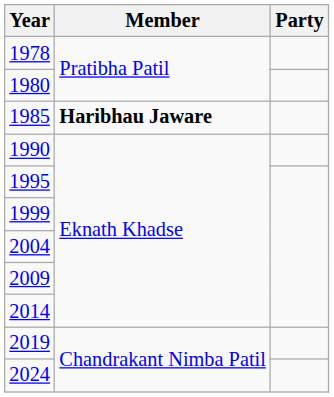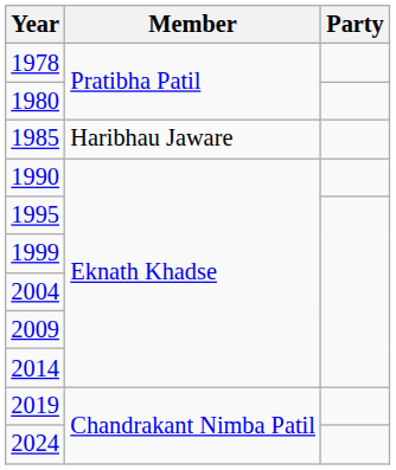 <table class="wikitable">
 <tr>
 <th>Year</th>
 <th>Member</th>
 <th colspan="2">Party</th>
 </tr>
 <tr>
 <td><a href='#'>1978</a></td>
 <td rowspan="2"><a href='#'>Pratibha Patil</a></td>
 <td></td>
 </tr>
 <tr>
 <td><a href='#'>1980</a></td>
 <td></td>
 </tr>
 <tr>
 <td><a href='#'>1985</a></td>
-<td><strong>Haribhau Jaware</strong></td>
+<td>Haribhau Jaware</td>
 <td></td>
 </tr>
 <tr>
 <td><a href='#'>1990</a></td>
 <td rowspan="6"><a href='#'>Eknath Khadse</a></td>
 <td></td>
 </tr>
 <tr>
 <td><a href='#'>1995</a></td>
 </tr>
 <tr>
 <td><a href='#'>1999</a></td>
 </tr>
 <tr>
 <td><a href='#'>2004</a></td>
 </tr>
 <tr>
 <td><a href='#'>2009</a></td>
 </tr>
 <tr>
 <td><a href='#'>2014</a></td>
 </tr>
 <tr>
 <td><a href='#'>2019</a></td>
 <td Rowspan=2><a href='#'>Chandrakant Nimba Patil</a></td>
 <td></td>
 </tr>
 <tr>
 <td><a href='#'>2024</a></td>
 <td></td>
 </tr>
 </table>
